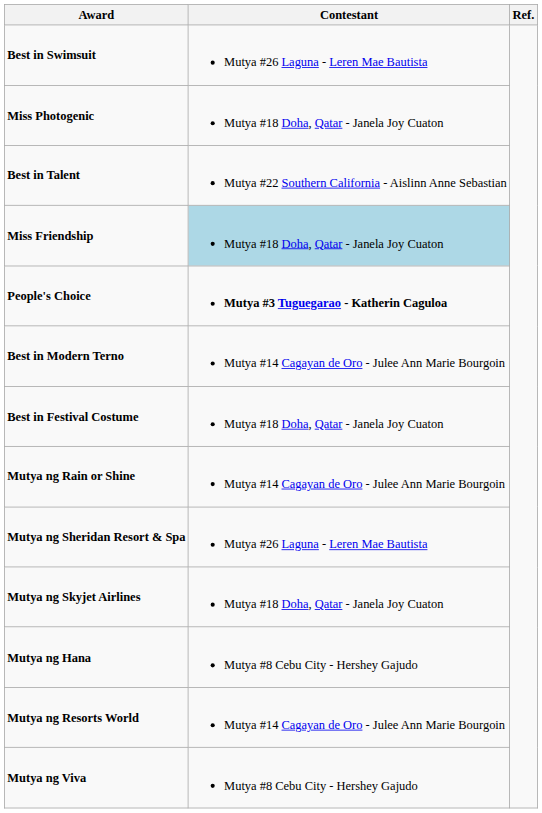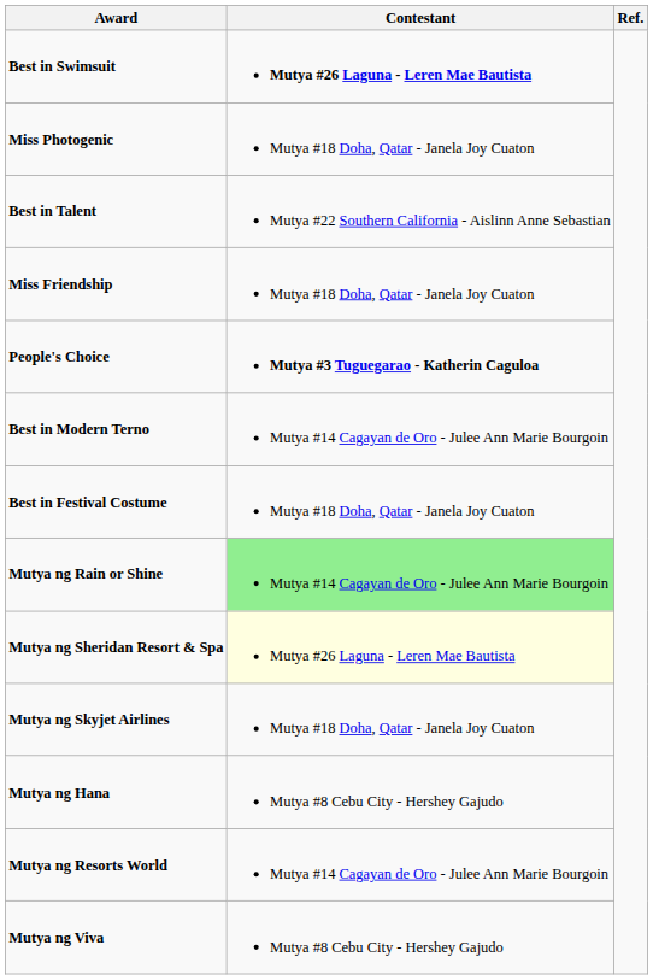 <table class="wikitable " style="font-size: 95%;">
 <tr>
 <th>Award</th>
 <th>Contestant</th>
 <th>Ref.</th>
 </tr>
 <tr>
 <td><strong>Best in Swimsuit</strong></td>
-<td><br><ul><li>Mutya #26 <a href='#'>Laguna</a> - <a href='#'>Leren Mae Bautista</a></li></ul></td>
+<td><strong><br><ul><li>Mutya #26 <a href='#'>Laguna</a> - <a href='#'>Leren Mae Bautista</a></li></ul></strong></td>
 <td rowspan="13"></td>
 </tr>
 <tr>
 <td><strong>Miss Photogenic</strong></td>
 <td><br><ul><li>Mutya #18 <a href='#'>Doha</a>, <a href='#'>Qatar</a> - Janela Joy Cuaton</li></ul></td>
 </tr>
 <tr>
 <td><strong>Best in Talent</strong></td>
 <td><br><ul><li>Mutya #22 <a href='#'>Southern California</a> - Aislinn Anne Sebastian</li></ul></td>
 </tr>
 <tr>
 <td><strong>Miss Friendship</strong></td>
-<td style="background: lightblue;"><br><ul><li>Mutya #18 <a href='#'>Doha</a>, <a href='#'>Qatar</a> - Janela Joy Cuaton</li></ul></td>
+<td><br><ul><li>Mutya #18 <a href='#'>Doha</a>, <a href='#'>Qatar</a> - Janela Joy Cuaton</li></ul></td>
 </tr>
 <tr>
 <td><strong>People's Choice</strong></td>
 <td><strong><br><ul><li>Mutya #3 <a href='#'>Tuguegarao</a> - Katherin Caguloa</li></ul></strong></td>
 </tr>
 <tr>
 <td><strong>Best in Modern Terno</strong></td>
 <td><br><ul><li>Mutya #14 <a href='#'>Cagayan de Oro</a> - Julee Ann Marie Bourgoin</li></ul></td>
 </tr>
 <tr>
 <td><strong>Best in Festival Costume</strong></td>
 <td><br><ul><li>Mutya #18 <a href='#'>Doha</a>, <a href='#'>Qatar</a> - Janela Joy Cuaton</li></ul></td>
 </tr>
 <tr>
 <td><strong>Mutya ng Rain or Shine</strong></td>
-<td><br><ul><li>Mutya #14 <a href='#'>Cagayan de Oro</a> - Julee Ann Marie Bourgoin</li></ul></td>
+<td style="background: lightgreen;"><br><ul><li>Mutya #14 <a href='#'>Cagayan de Oro</a> - Julee Ann Marie Bourgoin</li></ul></td>
 </tr>
 <tr>
 <td><strong>Mutya ng Sheridan Resort & Spa</strong></td>
-<td><br><ul><li>Mutya #26 <a href='#'>Laguna</a> - <a href='#'>Leren Mae Bautista</a></li></ul></td>
+<td style="background: lightyellow;"><br><ul><li>Mutya #26 <a href='#'>Laguna</a> - <a href='#'>Leren Mae Bautista</a></li></ul></td>
 </tr>
 <tr>
 <td><strong>Mutya ng Skyjet Airlines</strong></td>
 <td><br><ul><li>Mutya #18 <a href='#'>Doha</a>, <a href='#'>Qatar</a> - Janela Joy Cuaton</li></ul></td>
 </tr>
 <tr>
 <td><strong>Mutya ng Hana</strong></td>
 <td><br><ul><li>Mutya #8 Cebu City - Hershey Gajudo</li></ul></td>
 </tr>
 <tr>
 <td><strong>Mutya ng Resorts World</strong></td>
 <td><br><ul><li>Mutya #14 <a href='#'>Cagayan de Oro</a> - Julee Ann Marie Bourgoin</li></ul></td>
 </tr>
 <tr>
 <td><strong>Mutya ng Viva</strong></td>
 <td><br><ul><li>Mutya #8 Cebu City - Hershey Gajudo</li></ul></td>
 </tr>
 </table>
